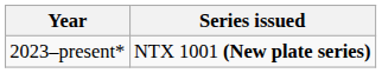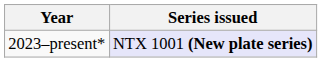 <table class="wikitable">
 <tr>
 <th>Year</th>
 <th>Series issued</th>
 </tr>
 <tr>
 <td>2023–present*</td>
-<td>NTX 1001 <strong>(New plate series)</strong></td>
+<td style="background: lavender;">NTX 1001 <strong>(New plate series)</strong></td>
 </tr>
 </table>
